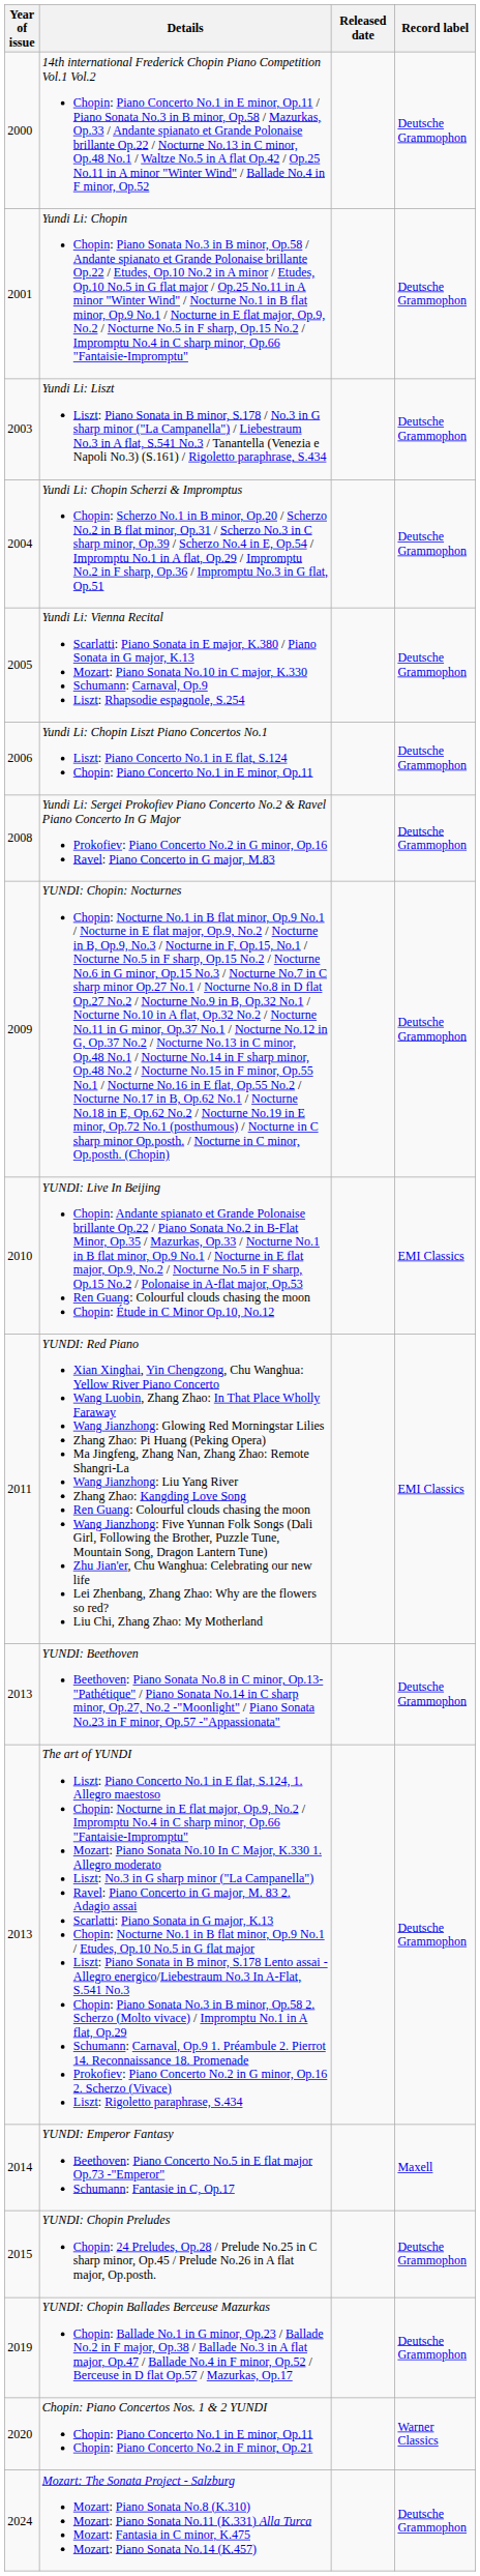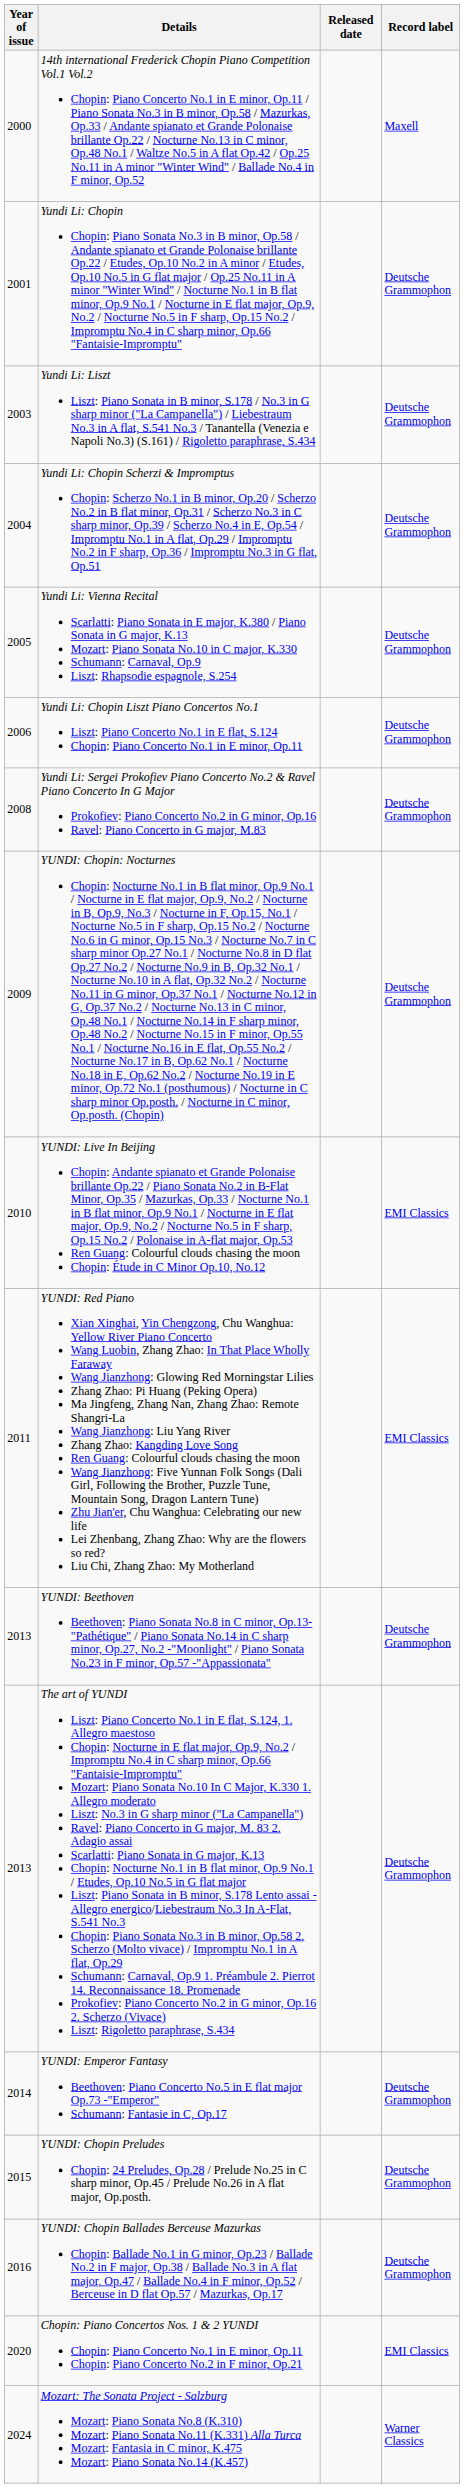 <table class="wikitable sortable">
 <tr>
 <th style="width:6%;">Year of issue</th>
 <th style="width:55%;">Details</th>
 <th style="width:12%;">Released date</th>
 <th style="width:10%;">Record label</th>
 </tr>
 <tr>
 <td>2000</td>
 <td><em>14th international Frederick Chopin Piano Competition Vol.1 Vol.2</em><br><ul><li><a href='#'>Chopin</a>: <a href='#'>Piano Concerto No.1 in E minor, Op.11</a> / <a href='#'>Piano Sonata No.3 in B minor, Op.58</a> / <a href='#'>Mazurkas, Op.33</a> / <a href='#'>Andante spianato et Grande Polonaise brillante Op.22</a> / <a href='#'>Nocturne No.13 in C minor, Op.48 No.1</a> / <a href='#'>Waltze No.5 in A flat Op.42</a> / <a href='#'>Op.25 No.11 in A minor "Winter Wind"</a> / <a href='#'>Ballade No.4 in F minor, Op.52</a></li></ul></td>
 <td></td>
-<td><a href='#'>Deutsche Grammophon</a></td>
+<td><a href='#'>Maxell</a></td>
 </tr>
 <tr>
 <td>2001</td>
 <td><em>Yundi Li: Chopin</em><br><ul><li><a href='#'>Chopin</a>: <a href='#'>Piano Sonata No.3 in B minor, Op.58</a> / <a href='#'>Andante spianato et Grande Polonaise brillante Op.22</a> / <a href='#'>Etudes, Op.10 No.2 in A minor</a> / <a href='#'>Etudes, Op.10 No.5 in G flat major</a> / <a href='#'>Op.25 No.11 in A minor "Winter Wind"</a> / <a href='#'>Nocturne No.1 in B flat minor, Op.9 No.1</a> / <a href='#'>Nocturne in E flat major, Op.9, No.2</a> / <a href='#'>Nocturne No.5 in F sharp, Op.15 No.2</a> / <a href='#'>Impromptu No.4 in C sharp minor, Op.66 "Fantaisie-Impromptu"</a></li></ul></td>
 <td></td>
 <td><a href='#'>Deutsche Grammophon</a></td>
 </tr>
 <tr>
 <td>2003</td>
 <td><em>Yundi Li: Liszt </em><br><ul><li><a href='#'>Liszt</a>: <a href='#'>Piano Sonata in B minor, S.178</a> / <a href='#'>No.3 in G sharp minor ("La Campanella")</a> / <a href='#'>Liebestraum No.3 in A flat, S.541 No.3</a> / Tanantella (Venezia e Napoli No.3) (S.161) / <a href='#'>Rigoletto paraphrase, S.434</a></li></ul></td>
 <td></td>
 <td><a href='#'>Deutsche Grammophon</a></td>
 </tr>
 <tr>
 <td>2004</td>
 <td><em>Yundi Li: Chopin Scherzi & Impromptus</em><br><ul><li><a href='#'>Chopin</a>: <a href='#'>Scherzo No.1 in B minor, Op.20</a> / <a href='#'>Scherzo No.2 in B flat minor, Op.31</a> / <a href='#'>Scherzo No.3 in C sharp minor, Op.39</a> / <a href='#'>Scherzo No.4 in E, Op.54</a> / <a href='#'>Impromptu No.1 in A flat, Op.29</a> / <a href='#'>Impromptu No.2 in F sharp, Op.36</a> / <a href='#'>Impromptu No.3 in G flat, Op.51</a></li></ul></td>
 <td></td>
 <td><a href='#'>Deutsche Grammophon</a></td>
 </tr>
 <tr>
 <td>2005</td>
 <td><em>Yundi Li: Vienna Recital </em><br><ul><li><a href='#'>Scarlatti</a>: <a href='#'>Piano Sonata in E major, K.380</a> / <a href='#'>Piano Sonata in G major, K.13</a></li><li><a href='#'>Mozart</a>: <a href='#'>Piano Sonata No.10 in C major, K.330</a></li><li><a href='#'>Schumann</a>: <a href='#'>Carnaval, Op.9</a></li><li><a href='#'>Liszt</a>: <a href='#'>Rhapsodie espagnole, S.254</a></li></ul></td>
 <td></td>
 <td><a href='#'>Deutsche Grammophon</a></td>
 </tr>
 <tr>
 <td>2006</td>
 <td><em>Yundi Li: Chopin Liszt Piano Concertos No.1</em><br><ul><li><a href='#'>Liszt</a>: <a href='#'>Piano Concerto No.1 in E flat, S.124</a></li><li><a href='#'>Chopin</a>: <a href='#'>Piano Concerto No.1 in E minor, Op.11</a></li></ul></td>
 <td></td>
 <td><a href='#'>Deutsche Grammophon</a></td>
 </tr>
 <tr>
 <td>2008</td>
 <td><em>Yundi Li: Sergei Prokofiev Piano Concerto No.2 & Ravel Piano Concerto In G Major</em><br><ul><li><a href='#'>Prokofiev</a>: <a href='#'>Piano Concerto No.2 in G minor, Op.16</a></li><li><a href='#'>Ravel</a>: <a href='#'>Piano Concerto in G major, M.83</a></li></ul></td>
 <td></td>
 <td><a href='#'>Deutsche Grammophon</a></td>
 </tr>
 <tr>
 <td>2009</td>
 <td><em>YUNDI: Chopin: Nocturnes</em><br><ul><li><a href='#'>Chopin</a>: <a href='#'>Nocturne No.1 in B flat minor, Op.9 No.1</a> / <a href='#'>Nocturne in E flat major, Op.9, No.2</a> / <a href='#'>Nocturne in B, Op.9, No.3</a> / <a href='#'>Nocturne in F, Op.15, No.1</a> / <a href='#'>Nocturne No.5 in F sharp, Op.15 No.2</a> / <a href='#'>Nocturne No.6 in G minor, Op.15 No.3</a> / <a href='#'>Nocturne No.7 in C sharp minor Op.27 No.1</a> / <a href='#'>Nocturne No.8 in D flat Op.27 No.2</a> / <a href='#'>Nocturne No.9 in B, Op.32 No.1</a> / <a href='#'>Nocturne No.10 in A flat, Op.32 No.2</a> / <a href='#'>Nocturne No.11 in G minor, Op.37 No.1</a> / <a href='#'>Nocturne No.12 in G, Op.37 No.2</a> / <a href='#'>Nocturne No.13 in C minor, Op.48 No.1</a> / <a href='#'>Nocturne No.14 in F sharp minor, Op.48 No.2</a> / <a href='#'>Nocturne No.15 in F minor, Op.55 No.1</a> / <a href='#'>Nocturne No.16 in E flat, Op.55 No.2</a> / <a href='#'>Nocturne No.17 in B, Op.62 No.1</a> / <a href='#'>Nocturne No.18 in E, Op.62 No.2</a> / <a href='#'>Nocturne No.19 in E minor, Op.72 No.1 (posthumous)</a> / <a href='#'>Nocturne in C sharp minor Op.</a><a href='#'>posth.</a> / <a href='#'>Nocturne in C minor, Op.posth. (Chopin)</a></li></ul></td>
 <td></td>
 <td><a href='#'>Deutsche Grammophon</a></td>
 </tr>
 <tr>
 <td>2010</td>
 <td><em>YUNDI: Live In Beijing</em><br><ul><li><a href='#'>Chopin</a>: <a href='#'>Andante spianato et Grande Polonaise brillante Op.22</a> / <a href='#'>Piano Sonata No.2 in B-Flat Minor, Op.35</a> / <a href='#'>Mazurkas, Op.33</a> / <a href='#'>Nocturne No.1 in B flat minor, Op.9 No.1</a> / <a href='#'>Nocturne in E flat major, Op.9, No.2</a> / <a href='#'>Nocturne No.5 in F sharp, Op.15 No.2</a> / <a href='#'>Polonaise in A-flat major, Op.53</a></li><li><a href='#'>Ren Guang</a>: Colourful clouds chasing the moon</li><li><a href='#'>Chopin</a>: <a href='#'>Étude in C Minor Op.10, No.12</a></li></ul></td>
 <td></td>
 <td><a href='#'>EMI Classics</a></td>
 </tr>
 <tr>
 <td>2011</td>
 <td><em>YUNDI: Red Piano</em><br><ul><li><a href='#'>Xian Xinghai</a>, <a href='#'>Yin Chengzong</a>, Chu Wanghua: <a href='#'>Yellow River Piano Concerto</a></li><li><a href='#'>Wang Luobin</a>, Zhang Zhao: <a href='#'>In That Place Wholly Faraway</a></li><li><a href='#'>Wang Jianzhong</a>: Glowing Red Morningstar Lilies</li><li>Zhang Zhao: Pi Huang (Peking Opera)</li><li>Ma Jingfeng, Zhang Nan, Zhang Zhao: Remote Shangri-La</li><li><a href='#'>Wang Jianzhong</a>: Liu Yang River</li><li>Zhang Zhao: <a href='#'>Kangding Love Song</a></li><li><a href='#'>Ren Guang</a>: Colourful clouds chasing the moon</li><li><a href='#'>Wang Jianzhong</a>: Five Yunnan Folk Songs (Dali Girl, Following the Brother, Puzzle Tune, Mountain Song, Dragon Lantern Tune)</li><li><a href='#'>Zhu Jian'er</a>, Chu Wanghua: Celebrating our new life</li><li>Lei Zhenbang, Zhang Zhao: Why are the flowers so red?</li><li>Liu Chi, Zhang Zhao: My Motherland</li></ul></td>
 <td></td>
 <td><a href='#'>EMI Classics</a></td>
 </tr>
 <tr>
 <td>2013</td>
 <td><em>YUNDI: Beethoven</em><br><ul><li><a href='#'>Beethoven</a>: <a href='#'>Piano Sonata No.8 in C minor, Op.13-"Pathétique"</a> / <a href='#'>Piano Sonata No.14 in C sharp minor, Op.27, No.2 -"Moonlight"</a> / <a href='#'>Piano Sonata No.23 in F minor, Op.57 -"Appassionata"</a></li></ul></td>
 <td></td>
 <td><a href='#'>Deutsche Grammophon</a></td>
 </tr>
 <tr>
 <td>2013</td>
 <td><em>The art of YUNDI</em><br><ul><li><a href='#'>Liszt</a>: <a href='#'>Piano Concerto No.1 in E flat, S.124, 1. Allegro maestoso</a></li><li><a href='#'>Chopin</a>: <a href='#'>Nocturne in E flat major, Op.9, No.2</a> / <a href='#'>Impromptu No.4 in C sharp minor, Op.66 "Fantaisie-Impromptu"</a></li><li><a href='#'>Mozart</a>: <a href='#'>Piano Sonata No.10 In C Major, K.330 1. Allegro moderato</a></li><li><a href='#'>Liszt</a>: <a href='#'>No.3 in G sharp minor ("La Campanella")</a></li><li><a href='#'>Ravel</a>: <a href='#'>Piano Concerto in G major, M. 83 2. Adagio assai</a></li><li><a href='#'>Scarlatti</a>: <a href='#'>Piano Sonata in G major, K.13</a></li><li><a href='#'>Chopin</a>: <a href='#'>Nocturne No.1 in B flat minor, Op.9 No.1</a> / <a href='#'>Etudes, Op.10 No.5 in G flat major</a></li><li><a href='#'>Liszt</a>: <a href='#'>Piano Sonata in B minor, S.178 Lento assai - Allegro energico</a>/<a href='#'>Liebestraum No.3 In A-Flat, S.541 No.3</a></li><li><a href='#'>Chopin</a>: <a href='#'>Piano Sonata No.3 in B minor, Op.58 2. Scherzo (Molto vivace)</a> / <a href='#'>Impromptu No.1 in A flat, Op.29</a></li><li><a href='#'>Schumann</a>: <a href='#'>Carnaval, Op.9 1. Préambule 2. Pierrot 14. Reconnaissance 18. Promenade</a></li><li><a href='#'>Prokofiev</a>: <a href='#'>Piano Concerto No.2 in G minor, Op.16 2. Scherzo (Vivace)</a></li><li><a href='#'>Liszt</a>: <a href='#'>Rigoletto paraphrase, S.434</a></li></ul></td>
 <td></td>
 <td><a href='#'>Deutsche Grammophon</a></td>
 </tr>
 <tr>
 <td>2014</td>
 <td><em>YUNDI: Emperor Fantasy</em><br><ul><li><a href='#'>Beethoven</a>: <a href='#'>Piano Concerto No.5 in E flat major Op.73 -"Emperor"</a></li><li><a href='#'>Schumann</a>: <a href='#'>Fantasie in C, Op.17</a></li></ul></td>
 <td></td>
-<td><a href='#'>Maxell</a></td>
+<td><a href='#'>Deutsche Grammophon</a></td>
 </tr>
 <tr>
 <td>2015</td>
 <td><em>YUNDI: Chopin Preludes</em><br><ul><li><a href='#'>Chopin</a>: <a href='#'>24 Preludes, Op.28</a> / Prelude No.25 in C sharp minor, Op.45 / Prelude No.26 in A flat major, Op.posth.</li></ul></td>
 <td></td>
 <td><a href='#'>Deutsche Grammophon</a></td>
 </tr>
 <tr>
-<td>2019</td>
+<td>2016</td>
 <td><em>YUNDI: Chopin Ballades Berceuse Mazurkas</em><br><ul><li><a href='#'>Chopin</a>: <a href='#'>Ballade No.1 in G minor, Op.23</a> / <a href='#'>Ballade No.2 in F major, Op.38</a> / <a href='#'>Ballade No.3 in A flat major, Op.47</a> / <a href='#'>Ballade No.4 in F minor, Op.52</a> / <a href='#'>Berceuse in D flat Op.57</a> / <a href='#'>Mazurkas, Op.17</a></li></ul></td>
 <td></td>
 <td><a href='#'>Deutsche Grammophon</a></td>
 </tr>
 <tr>
 <td>2020</td>
 <td><em>Chopin: Piano Concertos Nos. 1 & 2 YUNDI</em><br><ul><li><a href='#'>Chopin</a>: <a href='#'>Piano Concerto No.1 in E minor, Op.11</a></li><li><a href='#'>Chopin</a>: <a href='#'>Piano Concerto No.2 in F minor, Op.21</a></li></ul></td>
 <td></td>
-<td><a href='#'>Warner Classics</a></td>
+<td><a href='#'>EMI Classics</a></td>
 </tr>
 <tr>
 <td>2024</td>
 <td><em><a href='#'>Mozart: The Sonata Project - Salzburg</a></em><br><ul><li><a href='#'>Mozart</a>: <a href='#'>Piano Sonata No.8 (K.310)</a></li><li><a href='#'>Mozart</a>: <a href='#'>Piano Sonata No.11 (K.331) <em>Alla Turca</em></a></li><li><a href='#'>Mozart</a>: <a href='#'>Fantasia in C minor, K.475</a></li><li><a href='#'>Mozart</a>: <a href='#'>Piano Sonata No.14 (K.457)</a></li></ul></td>
 <td></td>
-<td><a href='#'>Deutsche Grammophon</a></td>
+<td><a href='#'>Warner Classics</a></td>
 </tr>
 </table>
